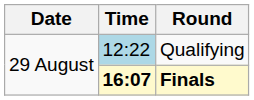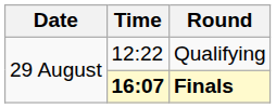 <table class="wikitable">
 <tr>
 <th>Date</th>
 <th>Time</th>
 <th>Round</th>
 </tr>
 <tr>
 <td rowspan=2>29 August</td>
-<td style="background: lightblue;">12:22</td>
+<td>12:22</td>
 <td>Qualifying</td>
 </tr>
 <tr style="background:lemonchiffon">
 <td><strong>16:07</strong></td>
 <td><strong>Finals</strong></td>
 </tr>
 </table>
